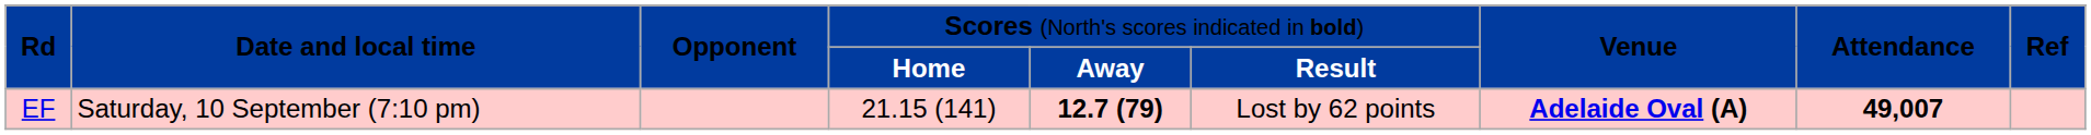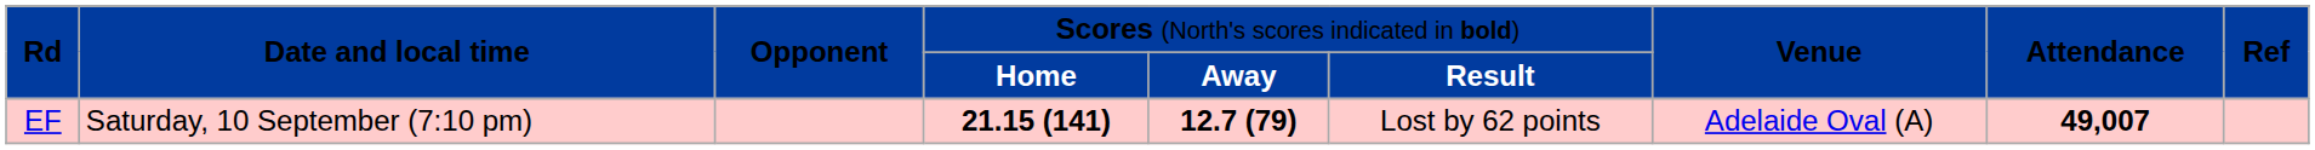 <table class="wikitable" style="font-size:90%; text-align:center; width: 90%; margin-left: auto; margin-right: auto;">
 <tr>
 </tr>
 <tr style="background:#013B9F;" >
 <td rowspan=2><span><strong>Rd</strong> </span></td>
 <td rowspan=2><span><strong>Date and local time</strong></span></td>
 <td rowspan=2><span><strong>Opponent</strong></span></td>
 <td colspan=3><span><strong>Scores</strong> <small>(North's scores indicated in <strong>bold</strong>)</small></span></td>
 <td rowspan=2><span><strong>Venue</strong></span></td>
 <td rowspan=2><span><strong>Attendance</strong></span></td>
 <td rowspan=2><span><strong>Ref</strong></span></td>
 </tr>
 <tr>
 <th style="background:#013B9F; color:white;">Home</th>
 <th style="background:#013B9F; color:white;">Away</th>
 <th style="background:#013B9F; color:white;">Result</th>
 </tr>
 <tr style="background:#fcc;">
 <td><a href='#'>EF</a></td>
 <td align=left>Saturday, 10 September (7:10 pm)</td>
 <td align=left></td>
-<td>21.15 (141)</td>
+<td><strong>21.15 (141)</strong></td>
 <td><strong>12.7 (79)</strong></td>
 <td>Lost by 62 points</td>
-<td><strong><a href='#'>Adelaide Oval</a> (A)</strong></td>
+<td><a href='#'>Adelaide Oval</a> (A)</td>
 <td><strong>49,007</strong></td>
 <td></td>
 </tr>
 </table>
